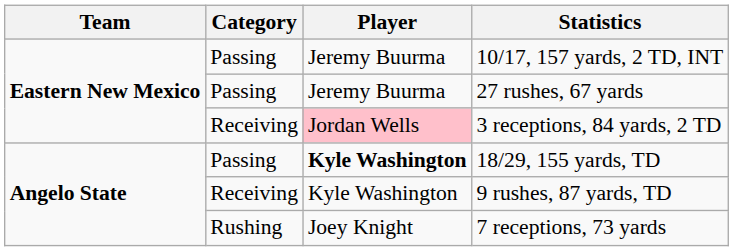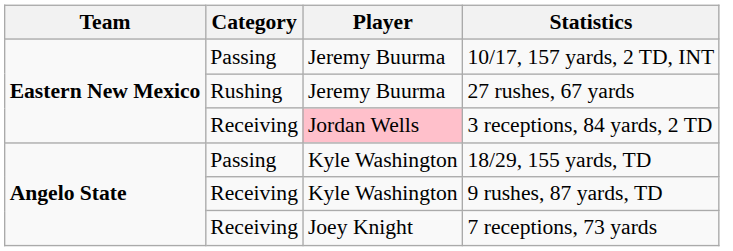 <table class="wikitable" style="float: left;">
 <tr>
 <th>Team</th>
 <th>Category</th>
 <th>Player</th>
 <th>Statistics</th>
 </tr>
 <tr>
 <td rowspan=3><strong>Eastern New Mexico</strong></td>
 <td>Passing</td>
 <td>Jeremy Buurma</td>
 <td>10/17, 157 yards, 2 TD, INT</td>
 </tr>
 <tr>
-<td>Passing</td>
+<td>Rushing</td>
 <td>Jeremy Buurma</td>
 <td>27 rushes, 67 yards</td>
 </tr>
 <tr>
 <td>Receiving</td>
 <td style="background: pink;">Jordan Wells</td>
 <td>3 receptions, 84 yards, 2 TD</td>
 </tr>
 <tr>
 <td rowspan=3><strong>Angelo State</strong></td>
 <td>Passing</td>
-<td><strong>Kyle Washington</strong></td>
+<td>Kyle Washington</td>
 <td>18/29, 155 yards, TD</td>
 </tr>
 <tr>
 <td>Receiving</td>
 <td>Kyle Washington</td>
 <td>9 rushes, 87 yards, TD</td>
 </tr>
 <tr>
-<td>Rushing</td>
+<td>Receiving</td>
 <td>Joey Knight</td>
 <td>7 receptions, 73 yards</td>
 </tr>
 </table>
